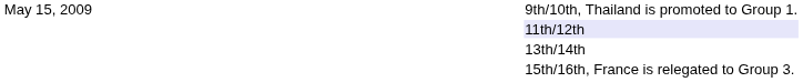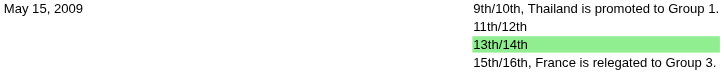 <table style="font-size:90%">
 <tr>
 <td width=100>May 15, 2009</td>
 <td align=right><strong></strong></td>
 <td align=center></td>
 <td></td>
 <td>9th/10th, Thailand is promoted to Group 1.</td>
 </tr>
 <tr>
 <td></td>
 <td align=right><strong></strong></td>
 <td align=center></td>
 <td></td>
-<td style="background: lavender;">11th/12th</td>
+<td>11th/12th</td>
 </tr>
 <tr>
 <td></td>
 <td width=150 align=right><strong></strong></td>
 <td width=100 align=center></td>
 <td width=150></td>
-<td>13th/14th</td>
+<td style="background: lightgreen;">13th/14th</td>
 </tr>
 <tr>
 <td></td>
 <td align=right></td>
 <td align=center></td>
 <td><strong></strong></td>
 <td>15th/16th, France is relegated to Group 3.</td>
 </tr>
 </table>
